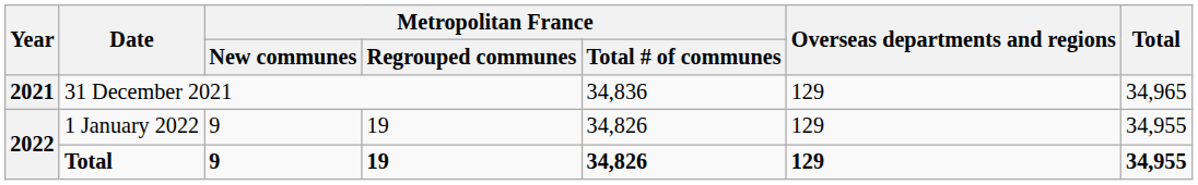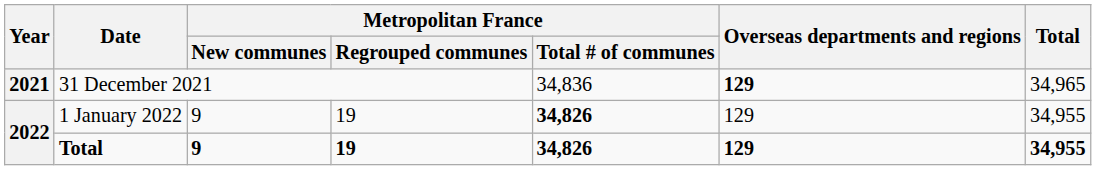 <table class="wikitable">
 <tr>
 <th rowspan="2">Year</th>
 <th rowspan="2">Date</th>
 <th colspan="3">Metropolitan France</th>
 <th rowspan="2">Overseas departments and regions</th>
 <th rowspan="2">Total</th>
 </tr>
 <tr>
 <th>New communes</th>
 <th>Regrouped communes</th>
 <th>Total # of communes</th>
 </tr>
 <tr>
 <th>2021</th>
 <td colspan="3">31 December 2021</td>
 <td>34,836</td>
-<td>129</td>
+<td><strong>129</strong></td>
 <td>34,965</td>
 </tr>
 <tr>
 <th rowspan="2">2022</th>
 <td>1 January 2022</td>
 <td>9</td>
 <td>19</td>
-<td>34,826</td>
+<td><strong>34,826</strong></td>
 <td>129</td>
 <td>34,955</td>
 </tr>
 <tr>
 <td><strong>Total</strong></td>
 <td><strong>9</strong></td>
 <td><strong>19</strong></td>
 <td><strong>34,826</strong></td>
 <td><strong>129</strong></td>
 <td><strong>34,955</strong></td>
 </tr>
 </table>
